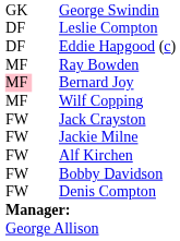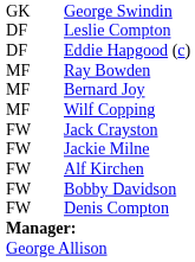 <table cellspacing="0" cellpadding="0" style="font-size:90%; margin:0.2em auto;">
 <tr>
 <th width="25"></th>
 <th width="25"></th>
 </tr>
 <tr>
 <td>GK</td>
 <td><strong> </strong></td>
 <td> <a href='#'>George Swindin</a></td>
 </tr>
 <tr>
 <td>DF</td>
 <td><strong> </strong></td>
 <td> <a href='#'>Leslie Compton</a></td>
 </tr>
 <tr>
 <td>DF</td>
 <td><strong> </strong></td>
 <td> <a href='#'>Eddie Hapgood</a> (<a href='#'>c</a>)</td>
 </tr>
 <tr>
 <td>MF</td>
 <td><strong> </strong></td>
 <td> <a href='#'>Ray Bowden</a></td>
 </tr>
 <tr>
-<td style="background: pink;">MF</td>
+<td>MF</td>
 <td><strong> </strong></td>
 <td> <a href='#'>Bernard Joy</a></td>
 </tr>
 <tr>
 <td>MF</td>
 <td><strong> </strong></td>
 <td> <a href='#'>Wilf Copping</a></td>
 </tr>
 <tr>
 <td>FW</td>
 <td><strong> </strong></td>
 <td> <a href='#'>Jack Crayston</a></td>
 </tr>
 <tr>
 <td>FW</td>
 <td><strong> </strong></td>
 <td> <a href='#'>Jackie Milne</a></td>
 </tr>
 <tr>
 <td>FW</td>
 <td><strong> </strong></td>
 <td> <a href='#'>Alf Kirchen</a></td>
 </tr>
 <tr>
 <td>FW</td>
 <td><strong> </strong></td>
 <td> <a href='#'>Bobby Davidson</a></td>
 </tr>
 <tr>
 <td>FW</td>
 <td><strong> </strong></td>
 <td> <a href='#'>Denis Compton</a></td>
 </tr>
 <tr>
 <td colspan=3><strong>Manager:</strong></td>
 </tr>
 <tr>
 <td colspan=4> <a href='#'>George Allison</a></td>
 </tr>
 </table>
